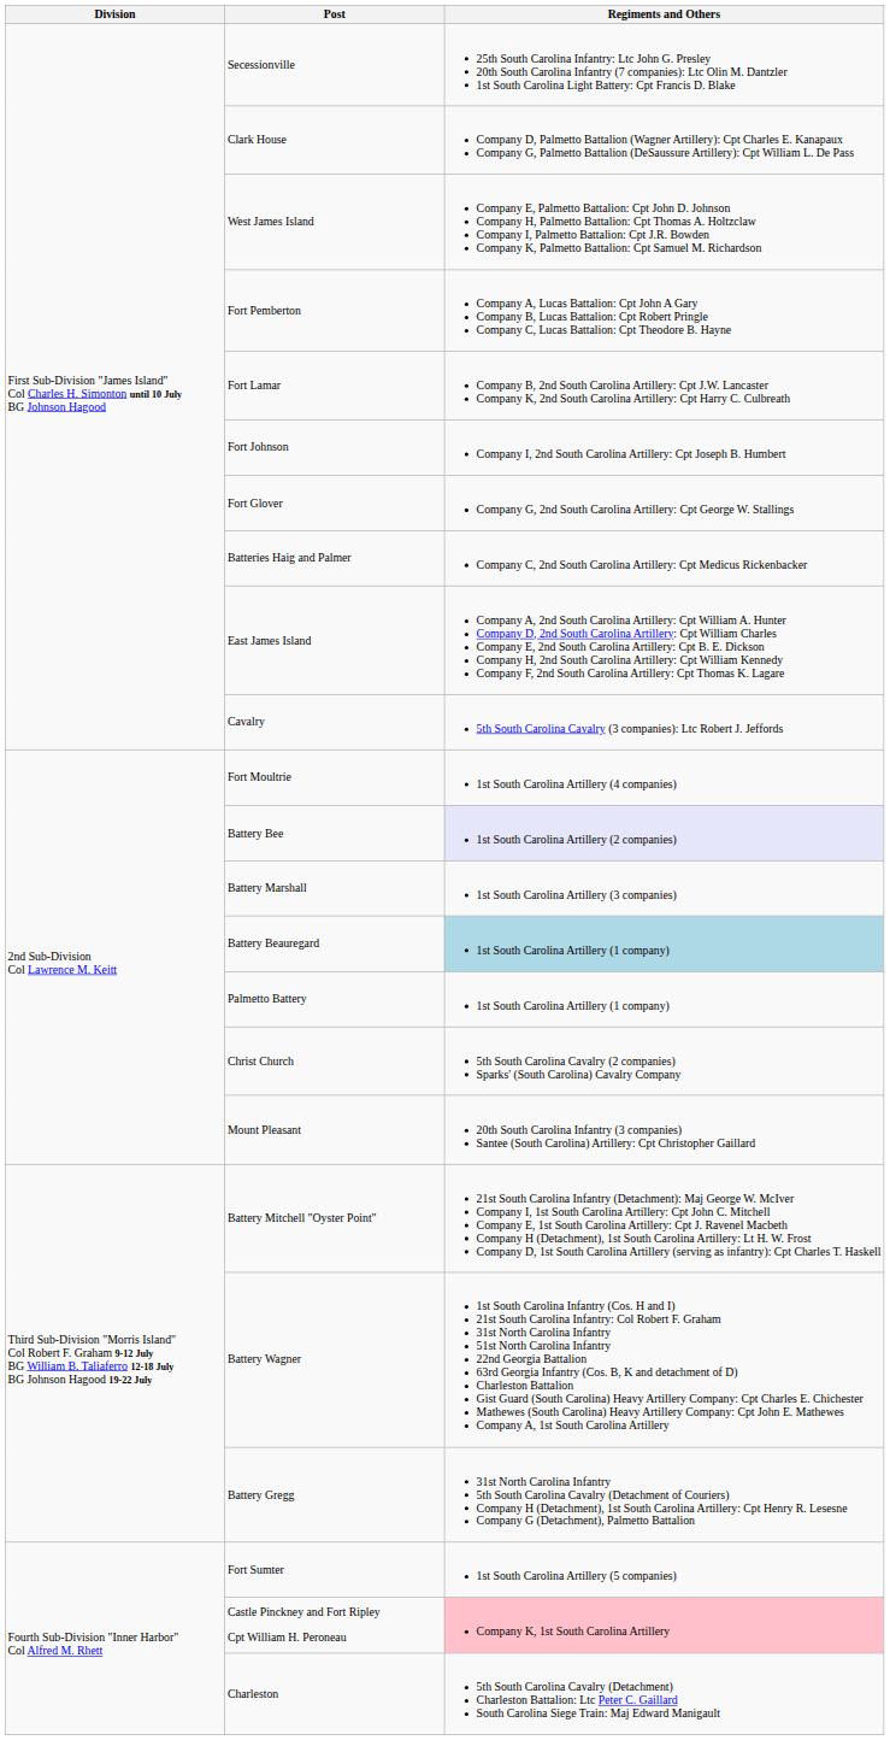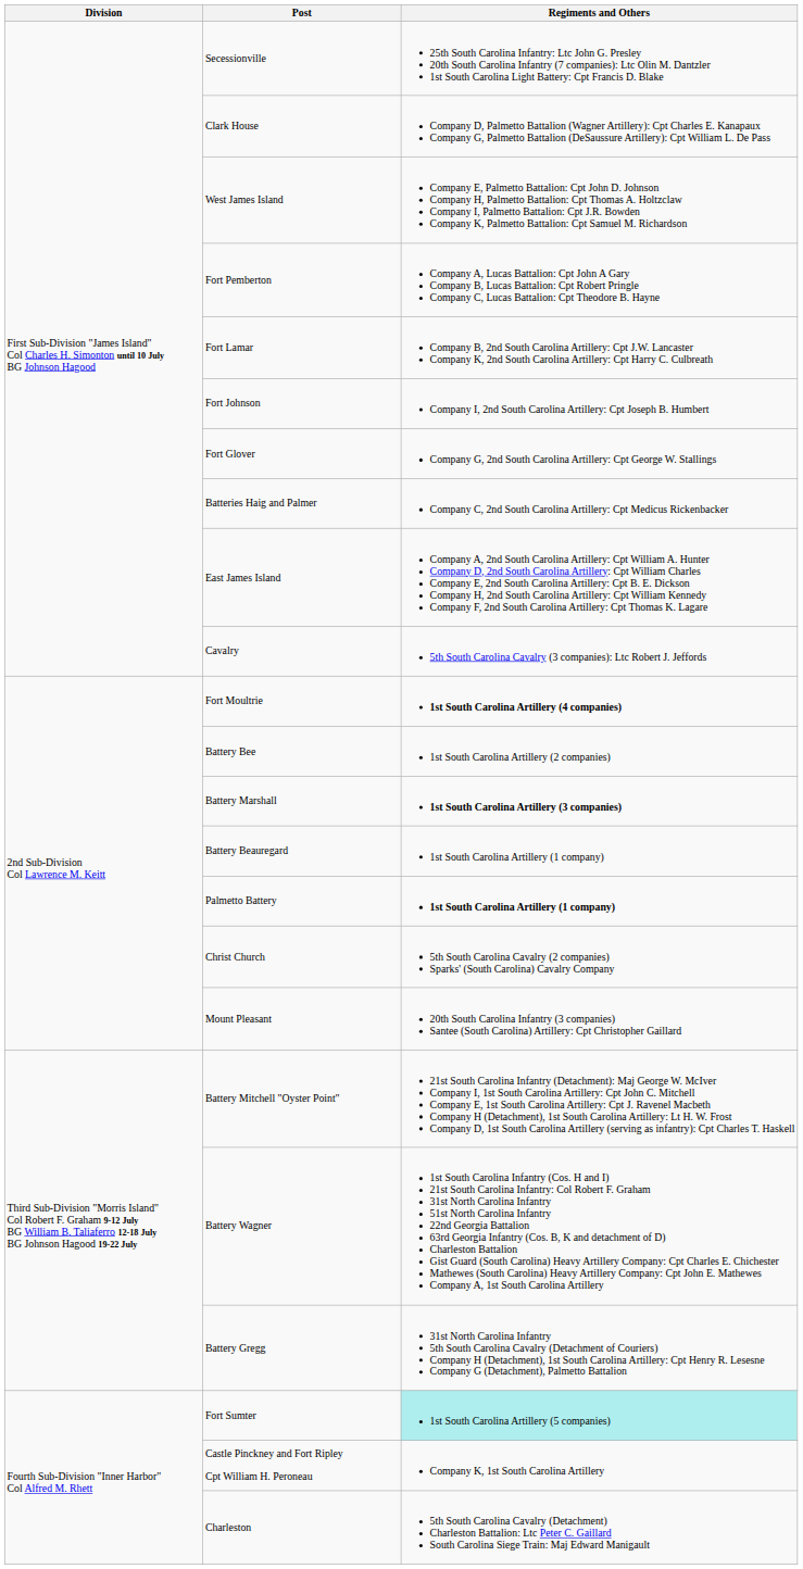 <table class="wikitable">
 <tr>
 <th width=25%>Division</th>
 <th width=25%>Post</th>
 <th>Regiments and Others</th>
 </tr>
 <tr>
 <td rowspan=10><br>First Sub-Division "James Island"<br>Col <a href='#'>Charles H. Simonton</a> <small><strong>until 10 July</strong></small><br> BG <a href='#'>Johnson Hagood</a></td>
 <td>Secessionville</td>
 <td><br><ul><li>25th South Carolina Infantry: Ltc John G. Presley</li><li>20th South Carolina Infantry (7 companies): Ltc Olin M. Dantzler</li><li>1st South Carolina Light Battery: Cpt Francis D. Blake</li></ul></td>
 </tr>
 <tr>
 <td>Clark House</td>
 <td><br><ul><li>Company D, Palmetto Battalion (Wagner Artillery):  Cpt Charles E. Kanapaux</li><li>Company G, Palmetto Battalion (DeSaussure Artillery): Cpt William L. De Pass</li></ul></td>
 </tr>
 <tr>
 <td>West James Island</td>
 <td><br><ul><li>Company E, Palmetto Battalion: Cpt John D. Johnson</li><li>Company H, Palmetto Battalion: Cpt Thomas A. Holtzclaw</li><li>Company I, Palmetto Battalion: Cpt J.R. Bowden</li><li>Company K, Palmetto Battalion: Cpt Samuel M. Richardson</li></ul></td>
 </tr>
 <tr>
 <td>Fort Pemberton</td>
 <td><br><ul><li>Company A, Lucas Battalion: Cpt John A Gary</li><li>Company B, Lucas Battalion: Cpt Robert Pringle</li><li>Company C, Lucas Battalion: Cpt Theodore B. Hayne</li></ul></td>
 </tr>
 <tr>
 <td>Fort Lamar</td>
 <td><br><ul><li>Company B, 2nd South Carolina Artillery: Cpt J.W. Lancaster</li><li>Company K, 2nd South Carolina Artillery: Cpt Harry C. Culbreath</li></ul></td>
 </tr>
 <tr>
 <td>Fort Johnson</td>
 <td><br><ul><li>Company I, 2nd South Carolina Artillery: Cpt Joseph B. Humbert</li></ul></td>
 </tr>
 <tr>
 <td>Fort Glover</td>
 <td><br><ul><li>Company G, 2nd South Carolina Artillery: Cpt George W. Stallings</li></ul></td>
 </tr>
 <tr>
 <td>Batteries Haig and Palmer</td>
 <td><br><ul><li>Company C, 2nd South Carolina Artillery: Cpt Medicus Rickenbacker</li></ul></td>
 </tr>
 <tr>
 <td>East James Island</td>
 <td><br><ul><li>Company A, 2nd South Carolina Artillery: Cpt William A. Hunter</li><li><a href='#'>Company D, 2nd South Carolina Artillery</a>: Cpt William Charles</li><li>Company E, 2nd South Carolina Artillery: Cpt B. E. Dickson</li><li>Company H, 2nd South Carolina Artillery: Cpt William Kennedy</li><li>Company F, 2nd South Carolina Artillery: Cpt Thomas K. Lagare</li></ul></td>
 </tr>
 <tr>
 <td>Cavalry</td>
 <td><br><ul><li><a href='#'>5th South Carolina Cavalry</a> (3 companies): Ltc Robert J. Jeffords</li></ul></td>
 </tr>
 <tr>
 <td rowspan=7><br>2nd Sub-Division<br>Col <a href='#'>Lawrence M. Keitt</a></td>
 <td>Fort Moultrie</td>
-<td><br><ul><li>1st South Carolina Artillery (4 companies)</li></ul></td>
+<td><strong><br><ul><li>1st South Carolina Artillery (4 companies)</li></ul></strong></td>
 </tr>
 <tr>
 <td>Battery Bee</td>
-<td style="background: lavender;"><br><ul><li>1st South Carolina Artillery (2 companies)</li></ul></td>
+<td><br><ul><li>1st South Carolina Artillery (2 companies)</li></ul></td>
 </tr>
 <tr>
 <td>Battery Marshall</td>
-<td><br><ul><li>1st South Carolina Artillery (3 companies)</li></ul></td>
+<td><strong><br><ul><li>1st South Carolina Artillery (3 companies)</li></ul></strong></td>
 </tr>
 <tr>
 <td>Battery Beauregard</td>
-<td style="background: lightblue;"><br><ul><li>1st South Carolina Artillery (1 company)</li></ul></td>
+<td><br><ul><li>1st South Carolina Artillery (1 company)</li></ul></td>
 </tr>
 <tr>
 <td>Palmetto Battery</td>
-<td><br><ul><li>1st South Carolina Artillery (1 company)</li></ul></td>
+<td><strong><br><ul><li>1st South Carolina Artillery (1 company)</li></ul></strong></td>
 </tr>
 <tr>
 <td>Christ Church</td>
 <td><br><ul><li>5th South Carolina Cavalry (2 companies)</li><li>Sparks' (South Carolina) Cavalry Company</li></ul></td>
 </tr>
 <tr>
 <td>Mount Pleasant</td>
 <td><br><ul><li>20th South Carolina Infantry (3 companies)</li><li>Santee (South Carolina) Artillery: Cpt Christopher Gaillard</li></ul></td>
 </tr>
 <tr>
 <td rowspan=3><br>Third Sub-Division "Morris Island"<br>Col Robert F. Graham <small><strong>9-12 July</strong></small><br> BG <a href='#'>William B. Taliaferro</a> <small><strong>12-18 July</strong></small><br> BG Johnson Hagood <small><strong>19-22 July</strong></small><br></td>
 <td>Battery Mitchell "Oyster Point"</td>
 <td><br><ul><li>21st South Carolina Infantry (Detachment): Maj George W. McIver</li><li>Company I, 1st South Carolina Artillery: Cpt John C. Mitchell</li><li>Company E, 1st South Carolina Artillery: Cpt J. Ravenel Macbeth</li><li>Company H (Detachment), 1st South Carolina Artillery: Lt H. W. Frost</li><li>Company D, 1st South Carolina Artillery (serving as infantry): Cpt Charles T. Haskell</li></ul></td>
 </tr>
 <tr>
 <td>Battery Wagner</td>
 <td><br><ul><li>1st South Carolina Infantry (Cos. H and I)</li><li>21st South Carolina Infantry: Col Robert F. Graham</li><li>31st North Carolina Infantry</li><li>51st North Carolina Infantry</li><li>22nd Georgia Battalion</li><li>63rd Georgia Infantry (Cos. B, K and detachment of D)</li><li>Charleston Battalion</li><li>Gist Guard (South Carolina) Heavy Artillery Company: Cpt Charles E. Chichester</li><li>Mathewes (South Carolina) Heavy Artillery Company: Cpt John E. Mathewes</li><li>Company A, 1st South Carolina Artillery</li></ul></td>
 </tr>
 <tr>
 <td>Battery Gregg</td>
 <td><br><ul><li>31st North Carolina Infantry</li><li>5th South Carolina Cavalry (Detachment of Couriers)</li><li>Company H (Detachment), 1st South Carolina Artillery: Cpt Henry R. Lesesne</li><li>Company G (Detachment), Palmetto Battalion</li></ul></td>
 </tr>
 <tr>
 <td rowspan=3><br>Fourth Sub-Division "Inner Harbor"<br>Col <a href='#'>Alfred M. Rhett</a></td>
 <td>Fort Sumter</td>
-<td><br><ul><li>1st South Carolina Artillery (5 companies)</li></ul></td>
+<td style="background: paleturquoise;"><br><ul><li>1st South Carolina Artillery (5 companies)</li></ul></td>
 </tr>
 <tr>
 <td>Castle Pinckney and Fort Ripley<br><br> Cpt William H. Peroneau</td>
-<td style="background: pink;"><br><ul><li>Company K, 1st South Carolina Artillery</li></ul></td>
+<td><br><ul><li>Company K, 1st South Carolina Artillery</li></ul></td>
 </tr>
 <tr>
 <td>Charleston</td>
 <td><br><ul><li>5th South Carolina Cavalry (Detachment)</li><li>Charleston Battalion: Ltc <a href='#'>Peter C. Gaillard</a></li><li>South Carolina Siege Train: Maj Edward Manigault</li></ul></td>
 </tr>
 </table>
